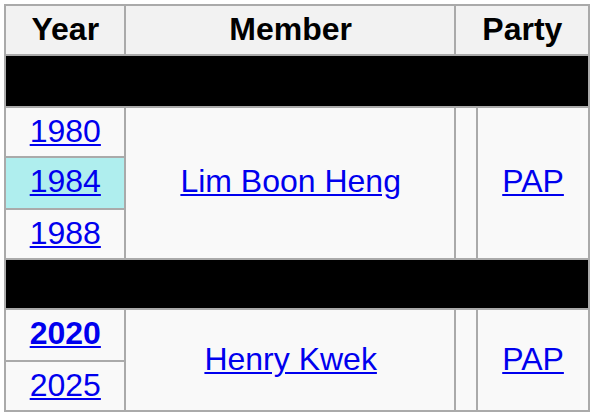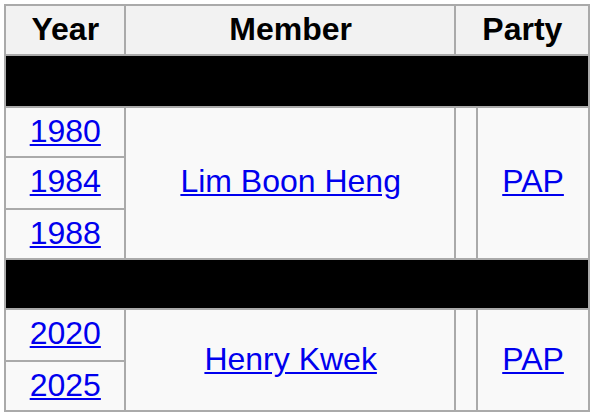 <table class="wikitable" align="center" style="text-align:center">
 <tr>
 <th>Year</th>
 <th>Member</th>
 <th colspan="2">Party</th>
 </tr>
 <tr>
 <td colspan=4 bgcolor=black><span><strong>Formation</strong></span></td>
 </tr>
 <tr>
 <td><a href='#'>1980</a></td>
 <td rowspan="3"><a href='#'>Lim Boon Heng</a></td>
 <td rowspan="3"></td>
 <td rowspan="3"><a href='#'>PAP</a></td>
 </tr>
 <tr>
-<td style="background: paleturquoise;"><a href='#'>1984</a></td>
+<td><a href='#'>1984</a></td>
 </tr>
 <tr>
 <td><a href='#'>1988</a></td>
 </tr>
 <tr>
 <td colspan=4 bgcolor=black><span><strong>Constituency abolished (1991 – 2020)</strong></span></td>
 </tr>
 <tr>
-<td><strong><a href='#'>2020</a></strong></td>
+<td><a href='#'>2020</a></td>
 <td rowspan="2"><a href='#'>Henry Kwek</a></td>
 <td rowspan="2" bgcolor=></td>
 <td rowspan="2"><a href='#'>PAP</a></td>
 </tr>
 <tr>
 <td><a href='#'>2025</a></td>
 </tr>
 </table>
